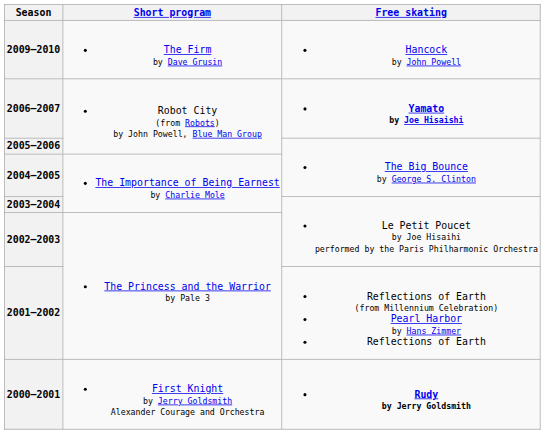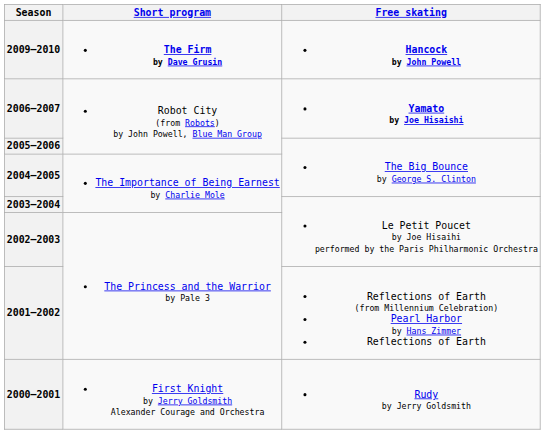 <table class="wikitable" style="text-align:center">
 <tr>
 <th>Season</th>
 <th><a href='#'>Short program</a></th>
 <th><a href='#'>Free skating</a></th>
 </tr>
 <tr>
 <th>2009–2010 <br></th>
-<td><br><ul><li><a href='#'>The Firm</a> <br><small> by <a href='#'>Dave Grusin</a> </small></li></ul></td>
-<td><br><ul><li><a href='#'>Hancock</a> <br><small> by <a href='#'>John Powell</a> </small></li></ul></td>
+<td><strong><br><ul><li><a href='#'>The Firm</a> <br><small> by <a href='#'>Dave Grusin</a> </small></li></ul></strong></td>
+<td><strong><br><ul><li><a href='#'>Hancock</a> <br><small> by <a href='#'>John Powell</a> </small></li></ul></strong></td>
 </tr>
 <tr>
 <th>2006–2007 <br></th>
 <td rowspan="2"><br><ul><li>Robot City <br><small> (from <a href='#'>Robots</a>) <br> by John Powell, <a href='#'>Blue Man Group</a> </small></li></ul></td>
 <td><strong><br><ul><li><a href='#'>Yamato</a> <br><small> by <a href='#'>Joe Hisaishi</a> </small></li></ul></strong></td>
 </tr>
 <tr>
 <th>2005–2006 <br></th>
 <td rowspan="2"><br><ul><li><a href='#'>The Big Bounce</a> <br><small> by <a href='#'>George S. Clinton</a> </small></li></ul></td>
 </tr>
 <tr>
 <th>2004–2005 <br></th>
 <td rowspan="2"><br><ul><li><a href='#'>The Importance of Being Earnest</a> <br><small> by <a href='#'>Charlie Mole</a> </small></li></ul></td>
 </tr>
 <tr>
 <th>2003–2004 <br></th>
 <td rowspan="2"><br><ul><li>Le Petit Poucet <br><small> by Joe Hisaihi <br> performed by the Paris Philharmonic Orchestra </small></li></ul></td>
 </tr>
 <tr>
 <th>2002–2003 <br></th>
 <td rowspan="2"><br><ul><li><a href='#'>The Princess and the Warrior</a> <br><small> by Pale 3 </small></li></ul></td>
 </tr>
 <tr>
 <th>2001–2002 <br></th>
 <td><br><ul><li>Reflections of Earth <br><small> (from Millennium Celebration) </small></li><li><a href='#'>Pearl Harbor</a> <br><small> by <a href='#'>Hans Zimmer</a> </small></li><li>Reflections of Earth</li></ul></td>
 </tr>
 <tr>
 <th>2000–2001 <br></th>
 <td><br><ul><li><a href='#'>First Knight</a> <br><small> by <a href='#'>Jerry Goldsmith</a> <br> Alexander Courage and Orchestra </small></li></ul></td>
-<td><strong><br><ul><li><a href='#'>Rudy</a> <br><small> by Jerry Goldsmith </small></li></ul></strong></td>
+<td><br><ul><li><a href='#'>Rudy</a> <br><small> by Jerry Goldsmith </small></li></ul></td>
 </tr>
 </table>
